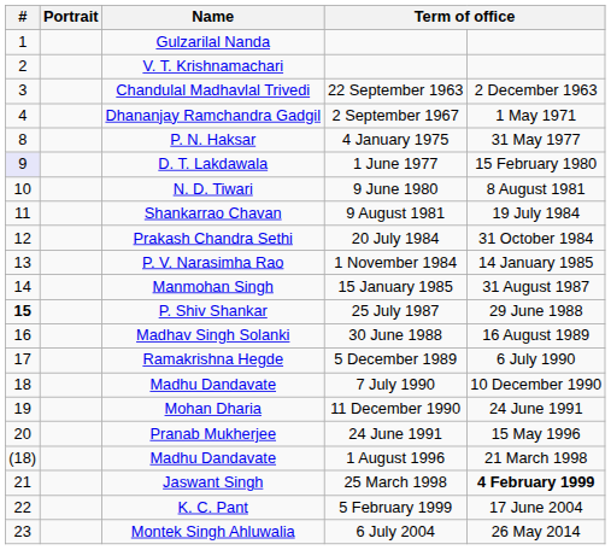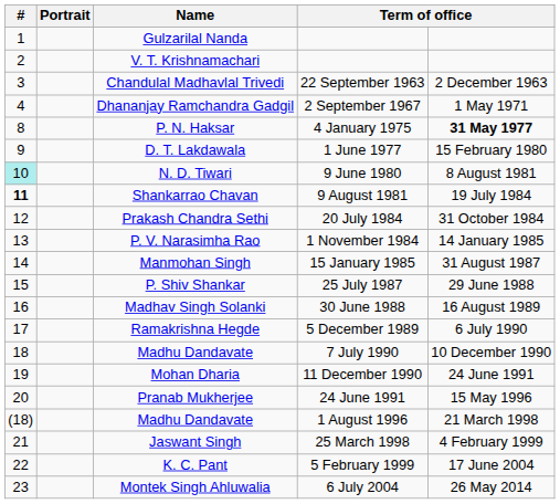 <table class="wikitable sortable" style="text-align:center">
 <tr bgcolor=#cccccc>
 <th>#</th>
 <th>Portrait</th>
 <th>Name</th>
 <th colspan="2">Term of office</th>
 </tr>
 <tr>
 <td>1</td>
 <td></td>
 <td><a href='#'>Gulzarilal Nanda</a></td>
 <td></td>
 <td></td>
 </tr>
 <tr>
 <td>2</td>
 <td></td>
 <td><a href='#'>V. T. Krishnamachari</a></td>
 <td></td>
 <td></td>
 </tr>
 <tr>
 <td>3</td>
 <td></td>
 <td><a href='#'>Chandulal Madhavlal Trivedi</a></td>
 <td>22 September 1963</td>
 <td>2 December 1963</td>
 </tr>
 <tr>
 <td>4</td>
 <td></td>
 <td><a href='#'>Dhananjay Ramchandra Gadgil</a></td>
 <td>2 September 1967</td>
 <td>1 May 1971</td>
 </tr>
 <tr>
 <td>8</td>
 <td></td>
 <td><a href='#'>P. N. Haksar</a></td>
 <td>4 January 1975</td>
-<td>31 May 1977</td>
+<td><strong>31 May 1977</strong></td>
 </tr>
 <tr>
-<td style="background: lavender;">9</td>
+<td>9</td>
 <td></td>
 <td><a href='#'>D. T. Lakdawala</a></td>
 <td>1 June 1977</td>
 <td>15 February 1980</td>
 </tr>
 <tr>
-<td>10</td>
+<td style="background: paleturquoise;">10</td>
 <td></td>
 <td><a href='#'>N. D. Tiwari</a></td>
 <td>9 June 1980</td>
 <td>8 August 1981</td>
 </tr>
 <tr>
-<td>11</td>
+<td><strong>11</strong></td>
 <td></td>
 <td><a href='#'>Shankarrao Chavan</a></td>
 <td>9 August 1981</td>
 <td>19 July 1984</td>
 </tr>
 <tr>
 <td>12</td>
 <td></td>
 <td><a href='#'>Prakash Chandra Sethi</a></td>
 <td>20 July 1984</td>
 <td>31 October 1984</td>
 </tr>
 <tr>
 <td>13</td>
 <td></td>
 <td><a href='#'>P. V. Narasimha Rao</a></td>
 <td>1 November 1984</td>
 <td>14 January 1985</td>
 </tr>
 <tr>
 <td>14</td>
 <td></td>
 <td><a href='#'>Manmohan Singh</a></td>
 <td>15 January 1985</td>
 <td>31 August 1987</td>
 </tr>
 <tr>
-<td><strong>15</strong></td>
+<td>15</td>
 <td></td>
 <td><a href='#'>P. Shiv Shankar</a></td>
 <td>25 July 1987</td>
 <td>29 June 1988</td>
 </tr>
 <tr>
 <td>16</td>
 <td></td>
 <td><a href='#'>Madhav Singh Solanki</a></td>
 <td>30 June 1988</td>
 <td>16 August 1989</td>
 </tr>
 <tr>
 <td>17</td>
 <td></td>
 <td><a href='#'>Ramakrishna Hegde</a></td>
 <td>5 December 1989</td>
 <td>6 July 1990</td>
 </tr>
 <tr>
 <td>18</td>
 <td></td>
 <td><a href='#'>Madhu Dandavate</a></td>
 <td>7 July 1990</td>
 <td>10 December 1990</td>
 </tr>
 <tr>
 <td>19</td>
 <td></td>
 <td><a href='#'>Mohan Dharia</a></td>
 <td>11 December 1990</td>
 <td>24 June 1991</td>
 </tr>
 <tr>
 <td>20</td>
 <td></td>
 <td><a href='#'>Pranab Mukherjee</a></td>
 <td>24 June 1991</td>
 <td>15 May 1996</td>
 </tr>
 <tr>
 <td>(18)</td>
 <td></td>
 <td><a href='#'>Madhu Dandavate</a></td>
 <td>1 August 1996</td>
 <td>21 March 1998</td>
 </tr>
 <tr>
 <td>21</td>
 <td></td>
 <td><a href='#'>Jaswant Singh</a></td>
 <td>25 March 1998</td>
-<td><strong>4 February 1999</strong></td>
+<td>4 February 1999</td>
 </tr>
 <tr>
 <td>22</td>
 <td></td>
 <td><a href='#'>K. C. Pant</a></td>
 <td>5 February 1999</td>
 <td>17 June 2004</td>
 </tr>
 <tr>
 <td>23</td>
 <td></td>
 <td><a href='#'>Montek Singh Ahluwalia</a></td>
 <td>6 July 2004</td>
 <td>26 May 2014</td>
 </tr>
 </table>
